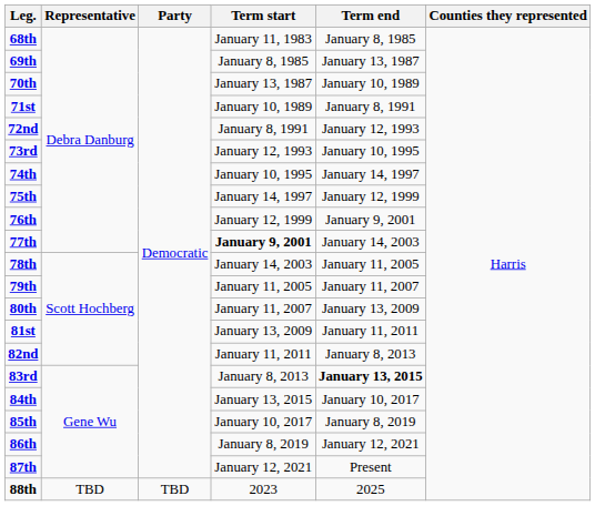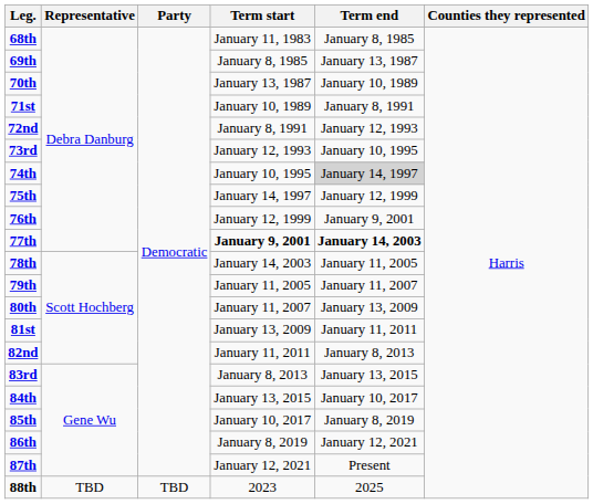 <table class="wikitable" style="text-align:center">
 <tr>
 <th>Leg.</th>
 <th>Representative</th>
 <th>Party</th>
 <th>Term start</th>
 <th>Term end</th>
 <th>Counties they represented</th>
 </tr>
 <tr>
 <td><a href='#'><strong>68th</strong></a></td>
 <td rowspan=10><a href='#'>Debra Danburg</a></td>
 <td rowspan=20 ><a href='#'>Democratic</a></td>
 <td>January 11, 1983</td>
 <td>January 8, 1985</td>
 <td rowspan="21"><a href='#'>Harris</a></td>
 </tr>
 <tr>
 <td><a href='#'><strong>69th</strong></a></td>
 <td>January 8, 1985</td>
 <td>January 13, 1987</td>
 </tr>
 <tr>
 <td><a href='#'><strong>70th</strong></a></td>
 <td>January 13, 1987</td>
 <td>January 10, 1989</td>
 </tr>
 <tr>
 <td><a href='#'><strong>71st</strong></a></td>
 <td>January 10, 1989</td>
 <td>January 8, 1991</td>
 </tr>
 <tr>
 <td><a href='#'><strong>72nd</strong></a></td>
 <td>January 8, 1991</td>
 <td>January 12, 1993</td>
 </tr>
 <tr>
 <td><a href='#'><strong>73rd</strong></a></td>
 <td>January 12, 1993</td>
 <td>January 10, 1995</td>
 </tr>
 <tr>
 <td><a href='#'><strong>74th</strong></a></td>
 <td>January 10, 1995</td>
-<td>January 14, 1997</td>
+<td style="background: lightgrey;">January 14, 1997</td>
 </tr>
 <tr>
 <td><a href='#'><strong>75th</strong></a></td>
 <td>January 14, 1997</td>
 <td>January 12, 1999</td>
 </tr>
 <tr>
 <td><a href='#'><strong>76th</strong></a></td>
 <td>January 12, 1999</td>
 <td>January 9, 2001</td>
 </tr>
 <tr>
 <td><a href='#'><strong>77th</strong></a></td>
 <td><strong>January 9, 2001</strong></td>
-<td>January 14, 2003</td>
+<td><strong>January 14, 2003</strong></td>
 </tr>
 <tr>
 <td><a href='#'><strong>78th</strong></a></td>
 <td rowspan=5><a href='#'>Scott Hochberg</a></td>
 <td>January 14, 2003</td>
 <td>January 11, 2005</td>
 </tr>
 <tr>
 <td><a href='#'><strong>79th</strong></a></td>
 <td>January 11, 2005</td>
 <td>January 11, 2007</td>
 </tr>
 <tr>
 <td><a href='#'><strong>80th</strong></a></td>
 <td>January 11, 2007</td>
 <td>January 13, 2009</td>
 </tr>
 <tr>
 <td><a href='#'><strong>81st</strong></a></td>
 <td>January 13, 2009</td>
 <td>January 11, 2011</td>
 </tr>
 <tr>
 <td><a href='#'><strong>82nd</strong></a></td>
 <td>January 11, 2011</td>
 <td>January 8, 2013</td>
 </tr>
 <tr>
 <td><a href='#'><strong>83rd</strong></a></td>
 <td rowspan=5><a href='#'>Gene Wu</a></td>
 <td>January 8, 2013</td>
-<td><strong>January 13, 2015</strong></td>
+<td>January 13, 2015</td>
 </tr>
 <tr>
 <td><a href='#'><strong>84th</strong></a></td>
 <td>January 13, 2015</td>
 <td>January 10, 2017</td>
 </tr>
 <tr>
 <td><a href='#'><strong>85th</strong></a></td>
 <td>January 10, 2017</td>
 <td>January 8, 2019</td>
 </tr>
 <tr>
 <td><a href='#'><strong>86th</strong></a></td>
 <td>January 8, 2019</td>
 <td>January 12, 2021</td>
 </tr>
 <tr>
 <td><a href='#'><strong>87th</strong></a></td>
 <td>January 12, 2021</td>
 <td>Present</td>
 </tr>
 <tr>
 <td><strong>88th</strong></td>
 <td>TBD</td>
 <td>TBD</td>
 <td>2023</td>
 <td>2025</td>
 </tr>
 </table>
